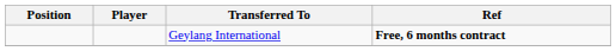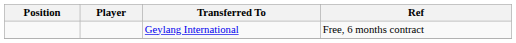 <table class="wikitable sortable" style="width:60%; text-align:center; font-size:100%; text-align:left;">
 <tr>
 <th><strong>Position</strong></th>
 <th><strong>Player</strong></th>
 <th><strong>Transferred To</strong></th>
 <th><strong>Ref</strong></th>
 </tr>
 <tr>
 <td></td>
 <td></td>
 <td> <a href='#'>Geylang International</a></td>
-<td><strong>Free, 6 months contract  </strong></td>
+<td>Free, 6 months contract  </td>
 </tr>
 <tr>
 </tr>
 </table>
